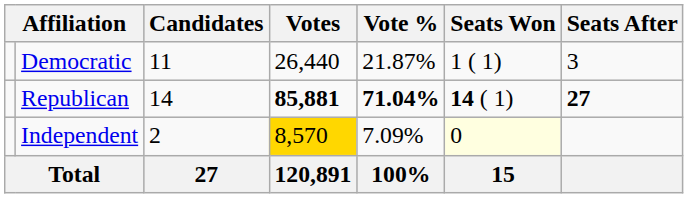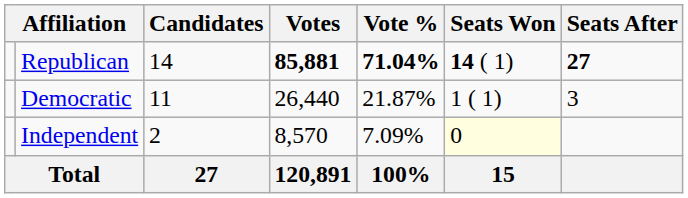 <table class="wikitable">
 <tr>
 <th colspan="2">Affiliation</th>
 <th>Candidates</th>
 <th>Votes</th>
 <th>Vote %</th>
 <th>Seats Won</th>
 <th>Seats After</th>
+</tr>
+<tr>
+<td style="background-color:"></td>
+<td><a href='#'>Republican</a></td>
+<td>14</td>
+<td><strong>85,881</strong></td>
+<td><strong>71.04%</strong></td>
+<td><strong>14</strong> ( 1)</td>
+<td><strong>27</strong></td>
 </tr>
 <tr>
 <td style="background-color:"></td>
 <td><a href='#'>Democratic</a></td>
 <td>11</td>
 <td>26,440</td>
 <td>21.87%</td>
 <td>1 ( 1)</td>
 <td>3</td>
 </tr>
 <tr>
 <td style="background-color:"></td>
-<td><a href='#'>Republican</a></td>
-<td>14</td>
-<td><strong>85,881</strong></td>
-<td><strong>71.04%</strong></td>
-<td><strong>14</strong> ( 1)</td>
-<td><strong>27</strong></td>
-</tr>
-<tr>
-<td style="background-color:"></td>
 <td><a href='#'>Independent</a></td>
 <td>2</td>
-<td style="background: gold;">8,570</td>
+<td>8,570</td>
 <td>7.09%</td>
 <td style="background: lightyellow;">0</td>
 <td></td>
 </tr>
 <tr>
 <th colspan="2">Total</th>
 <th>27</th>
 <th>120,891</th>
 <th>100%</th>
 <th>15</th>
 <th></th>
 </tr>
 </table>
